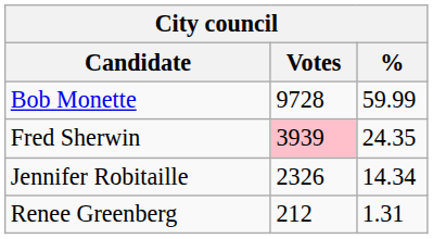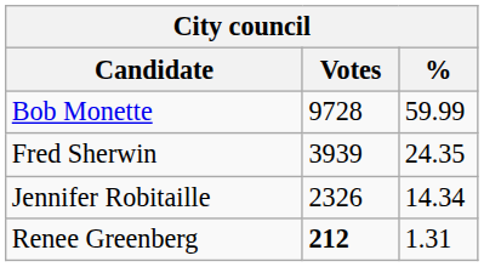 <table class="wikitable">
 <tr>
 <th colspan="3">City council</th>
 </tr>
 <tr>
 <th style="width: 170px">Candidate</th>
 <th style="width: 50px">Votes</th>
 <th style="width: 40px">%</th>
 </tr>
 <tr>
 <td><a href='#'>Bob Monette</a></td>
 <td>9728</td>
 <td>59.99</td>
 </tr>
 <tr>
 <td>Fred Sherwin</td>
-<td style="background: pink;">3939</td>
+<td>3939</td>
 <td>24.35</td>
 </tr>
 <tr>
 <td>Jennifer Robitaille</td>
 <td>2326</td>
 <td>14.34</td>
 </tr>
 <tr>
 <td>Renee Greenberg</td>
-<td>212</td>
+<td><strong>212</strong></td>
 <td>1.31</td>
 </tr>
 </table>
